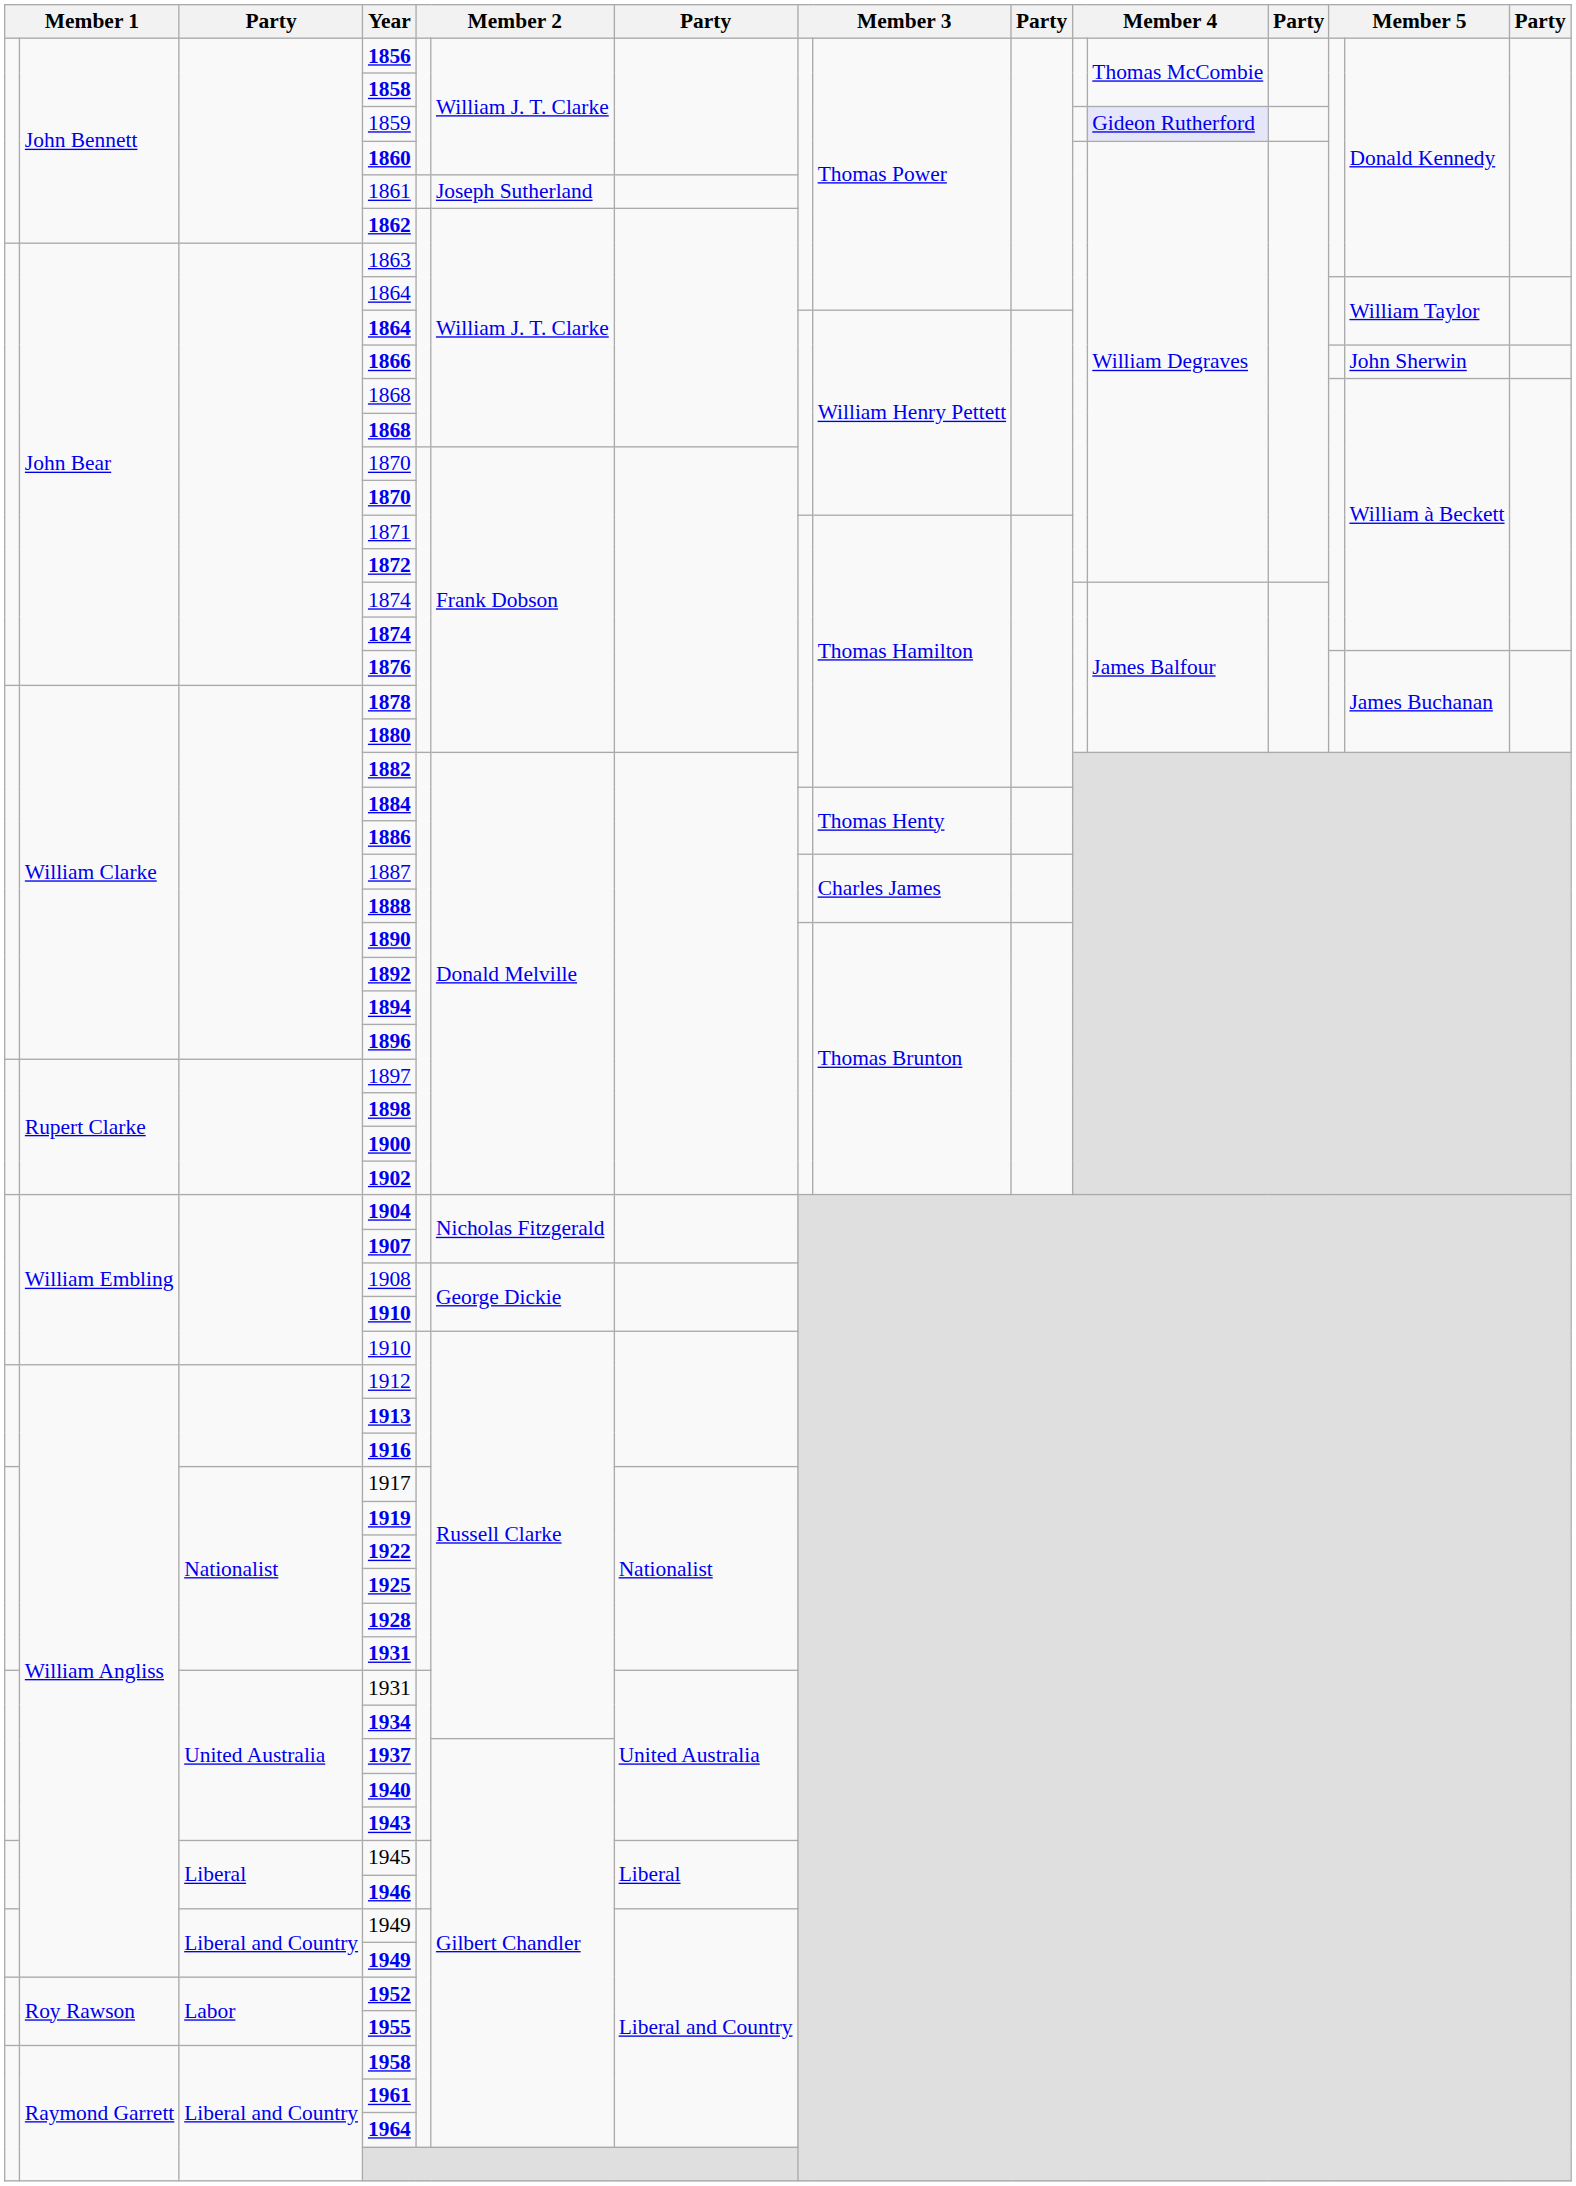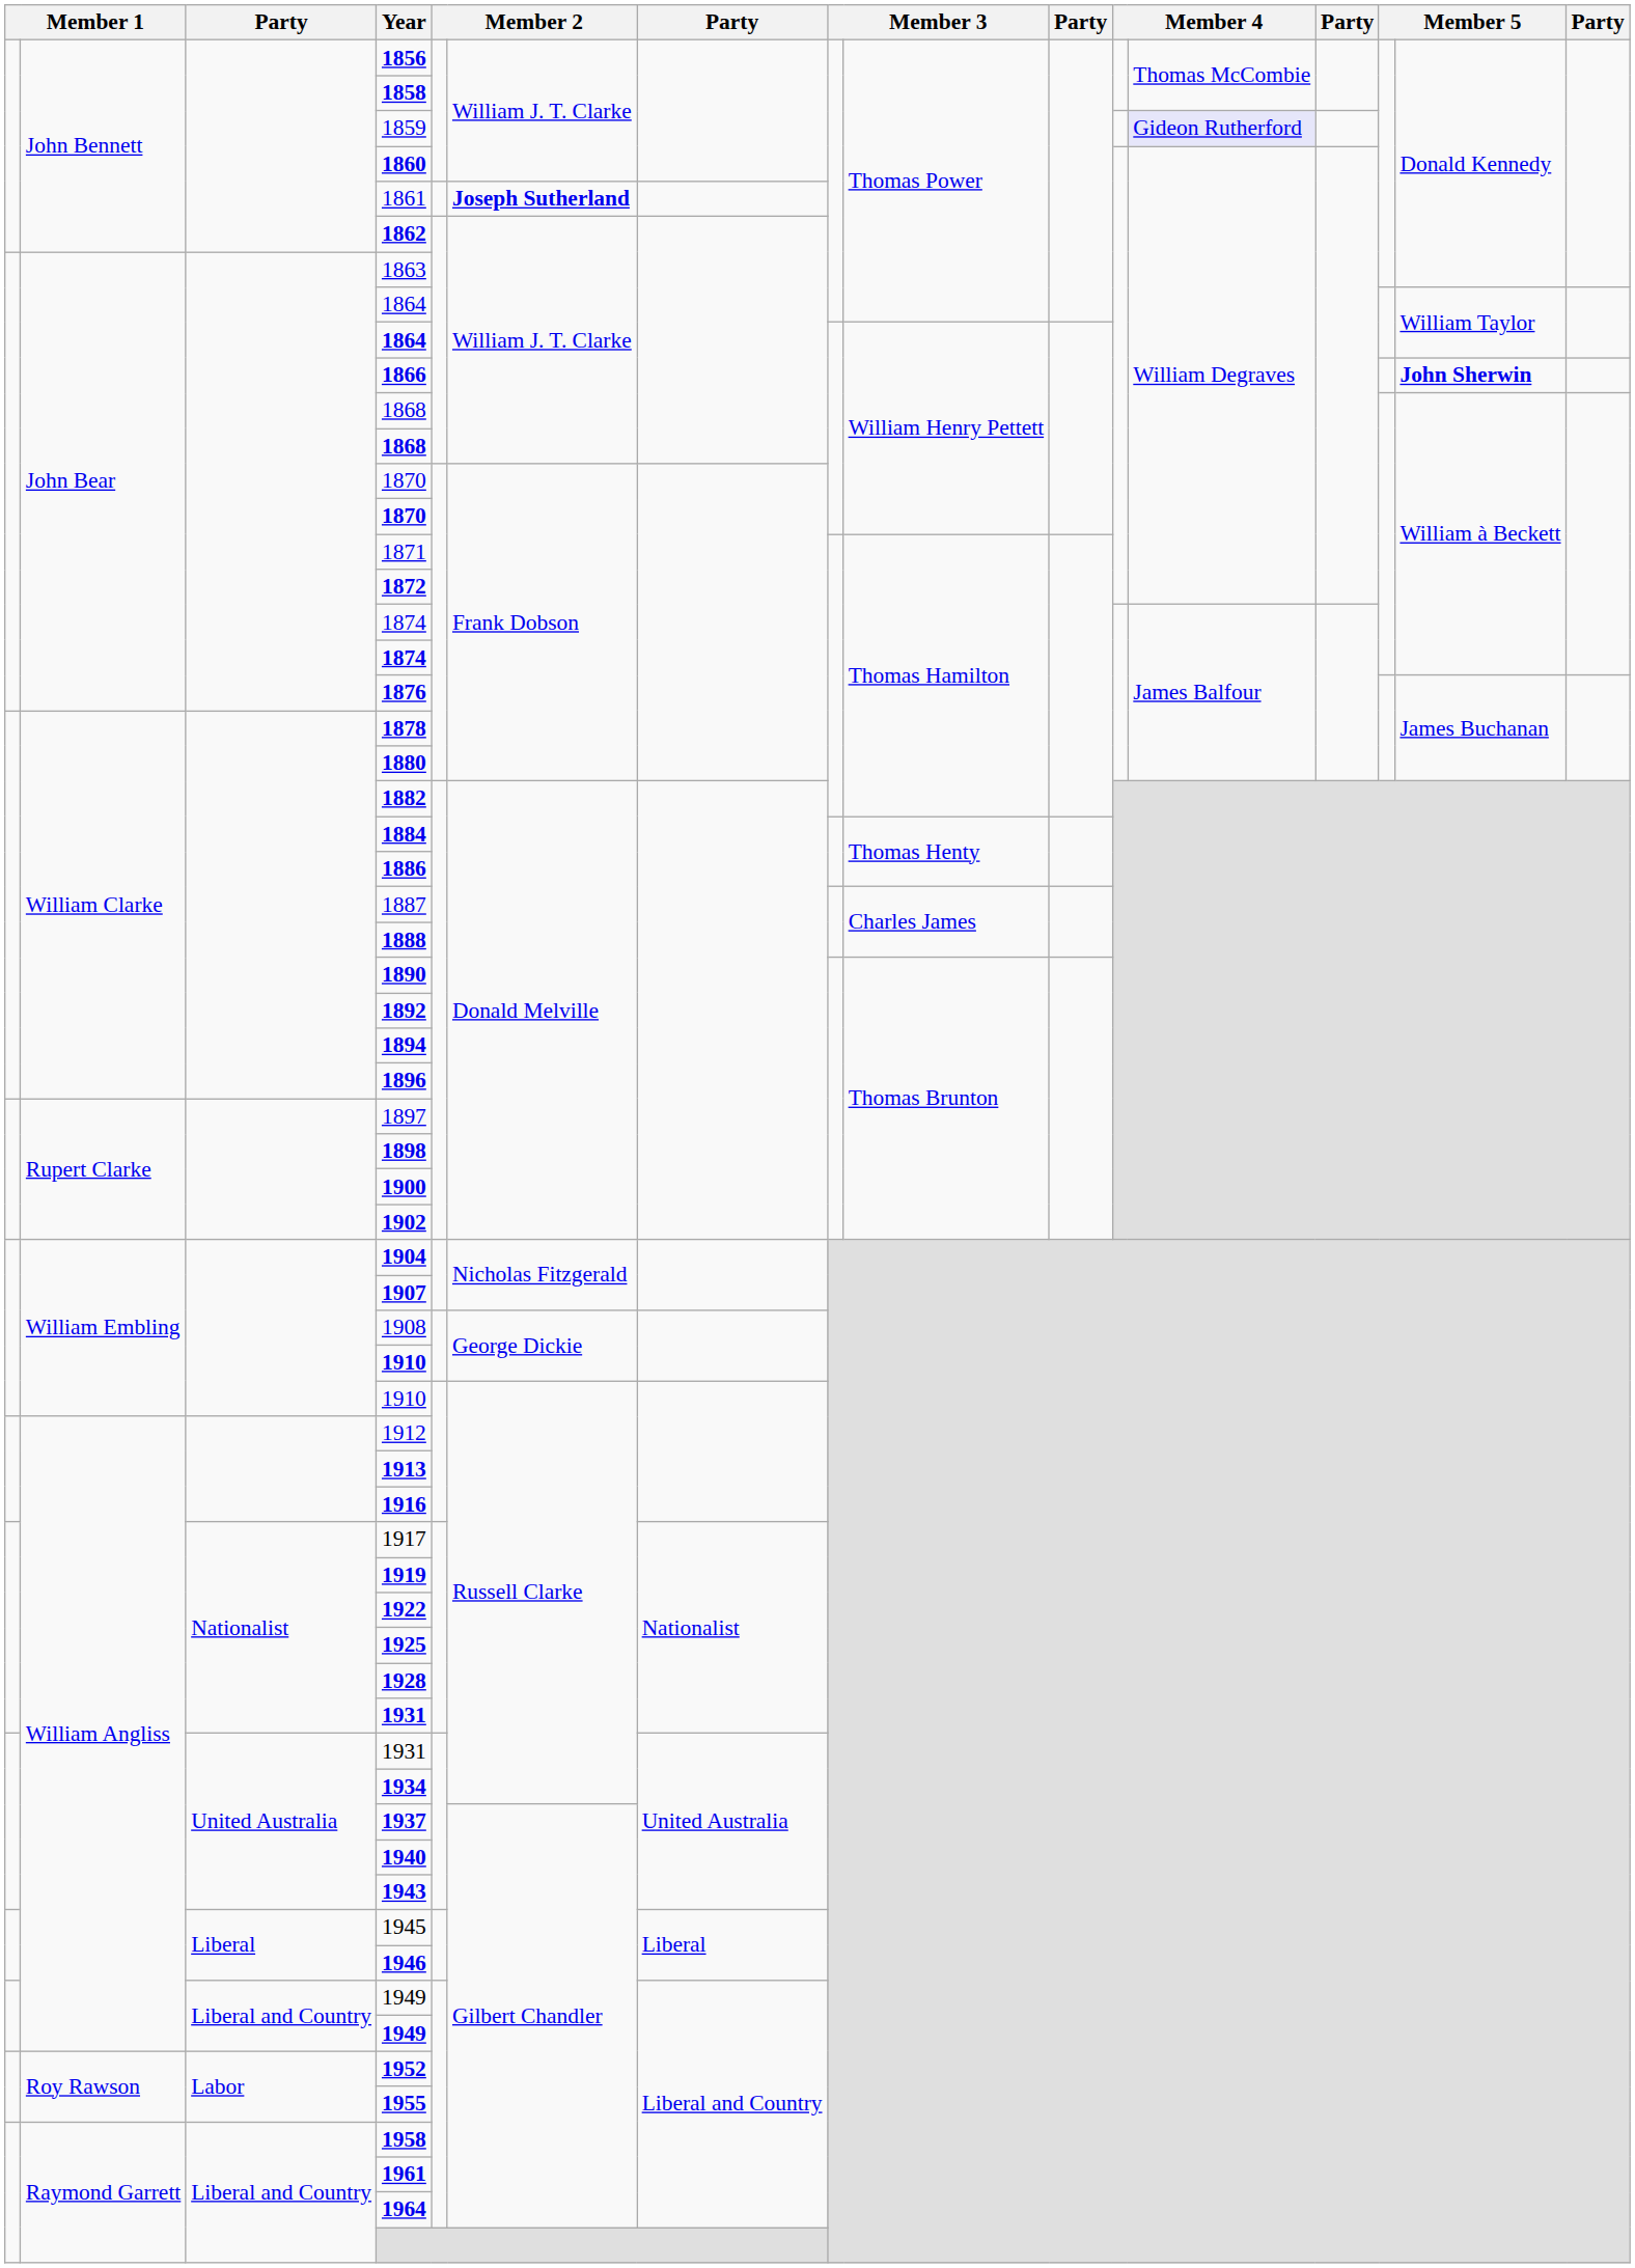 <table class="wikitable">
 <tr>
 <th colspan=2>Member 1</th>
 <th>Party</th>
 <th>Year</th>
 <th colspan=2>Member 2</th>
 <th>Party</th>
 <th colspan=2>Member 3</th>
 <th>Party</th>
 <th colspan=2>Member 4</th>
 <th>Party</th>
 <th colspan=2>Member 5</th>
 <th>Party</th>
 </tr>
 <tr>
 <td rowspan=6 > </td>
 <td rowspan=6><a href='#'>John Bennett</a></td>
 <td rowspan=6> </td>
 <td><strong><a href='#'>1856</a></strong></td>
 <td rowspan=4 > </td>
 <td rowspan=4><a href='#'>William J. T. Clarke</a></td>
 <td rowspan=4> </td>
 <td rowspan=8 > </td>
 <td rowspan=8><a href='#'>Thomas Power</a></td>
 <td rowspan=8> </td>
 <td rowspan=2 > </td>
 <td rowspan=2><a href='#'>Thomas McCombie</a></td>
 <td rowspan=2> </td>
 <td rowspan=7 > </td>
 <td rowspan=7><a href='#'>Donald Kennedy</a></td>
 <td rowspan=7> </td>
 </tr>
 <tr>
 <td><strong><a href='#'>1858</a></strong></td>
 </tr>
 <tr>
 <td><a href='#'>1859</a></td>
 <td> </td>
 <td style="background: lavender;"><a href='#'>Gideon Rutherford</a></td>
 <td> </td>
 </tr>
 <tr>
 <td><strong><a href='#'>1860</a></strong></td>
 <td rowspan=13 > </td>
 <td rowspan=13><a href='#'>William Degraves</a></td>
 <td rowspan=13> </td>
 </tr>
 <tr>
 <td><a href='#'>1861</a></td>
 <td> </td>
-<td><a href='#'>Joseph Sutherland</a></td>
+<td><strong><a href='#'>Joseph Sutherland</a></strong></td>
 <td> </td>
 </tr>
 <tr>
 <td><strong><a href='#'>1862</a></strong></td>
 <td rowspan=7 > </td>
 <td rowspan=7><a href='#'>William J. T. Clarke</a></td>
 <td rowspan=7> </td>
 </tr>
 <tr>
 <td rowspan=13 > </td>
 <td rowspan=13><a href='#'>John Bear</a></td>
 <td rowspan=13> </td>
 <td><a href='#'>1863</a></td>
 </tr>
 <tr>
 <td><a href='#'>1864</a></td>
 <td rowspan=2 > </td>
 <td rowspan=2><a href='#'>William Taylor</a></td>
 <td rowspan=2> </td>
 </tr>
 <tr>
 <td><strong><a href='#'>1864</a></strong></td>
 <td rowspan=6 > </td>
 <td rowspan=6><a href='#'>William Henry Pettett</a></td>
 <td rowspan=6> </td>
 </tr>
 <tr>
 <td><strong><a href='#'>1866</a></strong></td>
 <td> </td>
-<td><a href='#'>John Sherwin</a></td>
+<td><strong><a href='#'>John Sherwin</a></strong></td>
 <td> </td>
 </tr>
 <tr>
 <td><a href='#'>1868</a></td>
 <td rowspan=8 > </td>
 <td rowspan=8><a href='#'>William à Beckett</a></td>
 <td rowspan=8> </td>
 </tr>
 <tr>
 <td><strong><a href='#'>1868</a></strong></td>
 </tr>
 <tr>
 <td><a href='#'>1870</a></td>
 <td rowspan=9 > </td>
 <td rowspan=9><a href='#'>Frank Dobson</a></td>
 <td rowspan=9> </td>
 </tr>
 <tr>
 <td><strong><a href='#'>1870</a></strong></td>
 </tr>
 <tr>
 <td><a href='#'>1871</a></td>
 <td rowspan=8 > </td>
 <td rowspan=8><a href='#'>Thomas Hamilton</a></td>
 <td rowspan=8> </td>
 </tr>
 <tr>
 <td><strong><a href='#'>1872</a></strong></td>
 </tr>
 <tr>
 <td><a href='#'>1874</a></td>
 <td rowspan=5 > </td>
 <td rowspan=5><a href='#'>James Balfour</a></td>
 <td rowspan=5> </td>
 </tr>
 <tr>
 <td><strong><a href='#'>1874</a></strong></td>
 </tr>
 <tr>
 <td><strong><a href='#'>1876</a></strong></td>
 <td rowspan=3 > </td>
 <td rowspan=3><a href='#'>James Buchanan</a></td>
 <td rowspan=3> </td>
 </tr>
 <tr>
 <td rowspan=11 > </td>
 <td rowspan=11><a href='#'>William Clarke</a></td>
 <td rowspan=11> </td>
 <td><strong><a href='#'>1878</a></strong></td>
 </tr>
 <tr>
 <td><strong><a href='#'>1880</a></strong></td>
 </tr>
 <tr>
 <td><strong><a href='#'>1882</a></strong></td>
 <td rowspan=13 > </td>
 <td rowspan=13><a href='#'>Donald Melville</a></td>
 <td rowspan=13> </td>
 <td rowspan=13 colspan=6 bgcolor=#DFDFDF> </td>
 </tr>
 <tr>
 <td><strong><a href='#'>1884</a></strong></td>
 <td rowspan=2 > </td>
 <td rowspan=2><a href='#'>Thomas Henty</a></td>
 <td rowspan=2> </td>
 </tr>
 <tr>
 <td><strong><a href='#'>1886</a></strong></td>
 </tr>
 <tr>
 <td><a href='#'>1887</a></td>
 <td rowspan=2 > </td>
 <td rowspan=2><a href='#'>Charles James</a></td>
 <td rowspan=2> </td>
 </tr>
 <tr>
 <td><strong><a href='#'>1888</a></strong></td>
 </tr>
 <tr>
 <td><strong><a href='#'>1890</a></strong></td>
 <td rowspan=8 > </td>
 <td rowspan=8><a href='#'>Thomas Brunton</a></td>
 <td rowspan=8> </td>
 </tr>
 <tr>
 <td><strong><a href='#'>1892</a></strong></td>
 </tr>
 <tr>
 <td><strong><a href='#'>1894</a></strong></td>
 </tr>
 <tr>
 <td><strong><a href='#'>1896</a></strong></td>
 </tr>
 <tr>
 <td rowspan=4 > </td>
 <td rowspan=4><a href='#'>Rupert Clarke</a></td>
 <td rowspan=4> </td>
 <td><a href='#'>1897</a></td>
 </tr>
 <tr>
 <td><strong><a href='#'>1898</a></strong></td>
 </tr>
 <tr>
 <td><strong><a href='#'>1900</a></strong></td>
 </tr>
 <tr>
 <td><strong><a href='#'>1902</a></strong></td>
 </tr>
 <tr>
 <td rowspan=5 > </td>
 <td rowspan=5><a href='#'>William Embling</a></td>
 <td rowspan=5> </td>
 <td><strong><a href='#'>1904</a></strong></td>
 <td rowspan=2 > </td>
 <td rowspan=2><a href='#'>Nicholas Fitzgerald</a></td>
 <td rowspan=2> </td>
 <td rowspan=29 colspan=9 bgcolor=#DFDFDF> </td>
 </tr>
 <tr>
 <td><strong><a href='#'>1907</a></strong></td>
 </tr>
 <tr>
 <td><a href='#'>1908</a></td>
 <td rowspan=2 > </td>
 <td rowspan=2><a href='#'>George Dickie</a></td>
 <td rowspan=2> </td>
 </tr>
 <tr>
 <td><strong><a href='#'>1910</a></strong></td>
 </tr>
 <tr>
 <td><a href='#'>1910</a></td>
 <td rowspan=4 > </td>
 <td rowspan=12><a href='#'>Russell Clarke</a></td>
 <td rowspan=4> </td>
 </tr>
 <tr>
 <td rowspan=3 > </td>
 <td rowspan=18><a href='#'>William Angliss</a></td>
 <td rowspan=3> </td>
 <td><a href='#'>1912</a></td>
 </tr>
 <tr>
 <td><strong><a href='#'>1913</a></strong></td>
 </tr>
 <tr>
 <td><strong><a href='#'>1916</a></strong></td>
 </tr>
 <tr>
 <td rowspan=6 > </td>
 <td rowspan=6><a href='#'>Nationalist</a></td>
 <td>1917</td>
 <td rowspan=6 > </td>
 <td rowspan=6><a href='#'>Nationalist</a></td>
 </tr>
 <tr>
 <td><strong><a href='#'>1919</a></strong></td>
 </tr>
 <tr>
 <td><strong><a href='#'>1922</a></strong></td>
 </tr>
 <tr>
 <td><strong><a href='#'>1925</a></strong></td>
 </tr>
 <tr>
 <td><strong><a href='#'>1928</a></strong></td>
 </tr>
 <tr>
 <td><strong><a href='#'>1931</a></strong></td>
 </tr>
 <tr>
 <td rowspan=5 > </td>
 <td rowspan=5><a href='#'>United Australia</a></td>
 <td>1931</td>
 <td rowspan=5 > </td>
 <td rowspan=5><a href='#'>United Australia</a></td>
 </tr>
 <tr>
 <td><strong><a href='#'>1934</a></strong></td>
 </tr>
 <tr>
 <td><strong><a href='#'>1937</a></strong></td>
 <td rowspan=12><a href='#'>Gilbert Chandler</a></td>
 </tr>
 <tr>
 <td><strong><a href='#'>1940</a></strong></td>
 </tr>
 <tr>
 <td><strong><a href='#'>1943</a></strong></td>
 </tr>
 <tr>
 <td rowspan=2 > </td>
 <td rowspan=2><a href='#'>Liberal</a></td>
 <td>1945</td>
 <td rowspan=2 > </td>
 <td rowspan=2><a href='#'>Liberal</a></td>
 </tr>
 <tr>
 <td><strong><a href='#'>1946</a></strong></td>
 </tr>
 <tr>
 <td rowspan=2 > </td>
 <td rowspan=2><a href='#'>Liberal and Country</a></td>
 <td>1949</td>
 <td rowspan=7 > </td>
 <td rowspan=7><a href='#'>Liberal and Country</a></td>
 </tr>
 <tr>
 <td><strong><a href='#'>1949</a></strong></td>
 </tr>
 <tr>
 <td rowspan=2 > </td>
 <td rowspan=2><a href='#'>Roy Rawson</a></td>
 <td rowspan=2><a href='#'>Labor</a></td>
 <td><strong><a href='#'>1952</a></strong></td>
 </tr>
 <tr>
 <td><strong><a href='#'>1955</a></strong></td>
 </tr>
 <tr>
 <td rowspan=4 > </td>
 <td rowspan=4><a href='#'>Raymond Garrett</a></td>
 <td rowspan=4><a href='#'>Liberal and Country</a></td>
 <td><strong><a href='#'>1958</a></strong></td>
 </tr>
 <tr>
 <td><strong><a href='#'>1961</a></strong></td>
 </tr>
 <tr>
 <td><strong><a href='#'>1964</a></strong></td>
 </tr>
 <tr>
 <td colspan=4 bgcolor=#DFDFDF> </td>
 </tr>
 </table>
